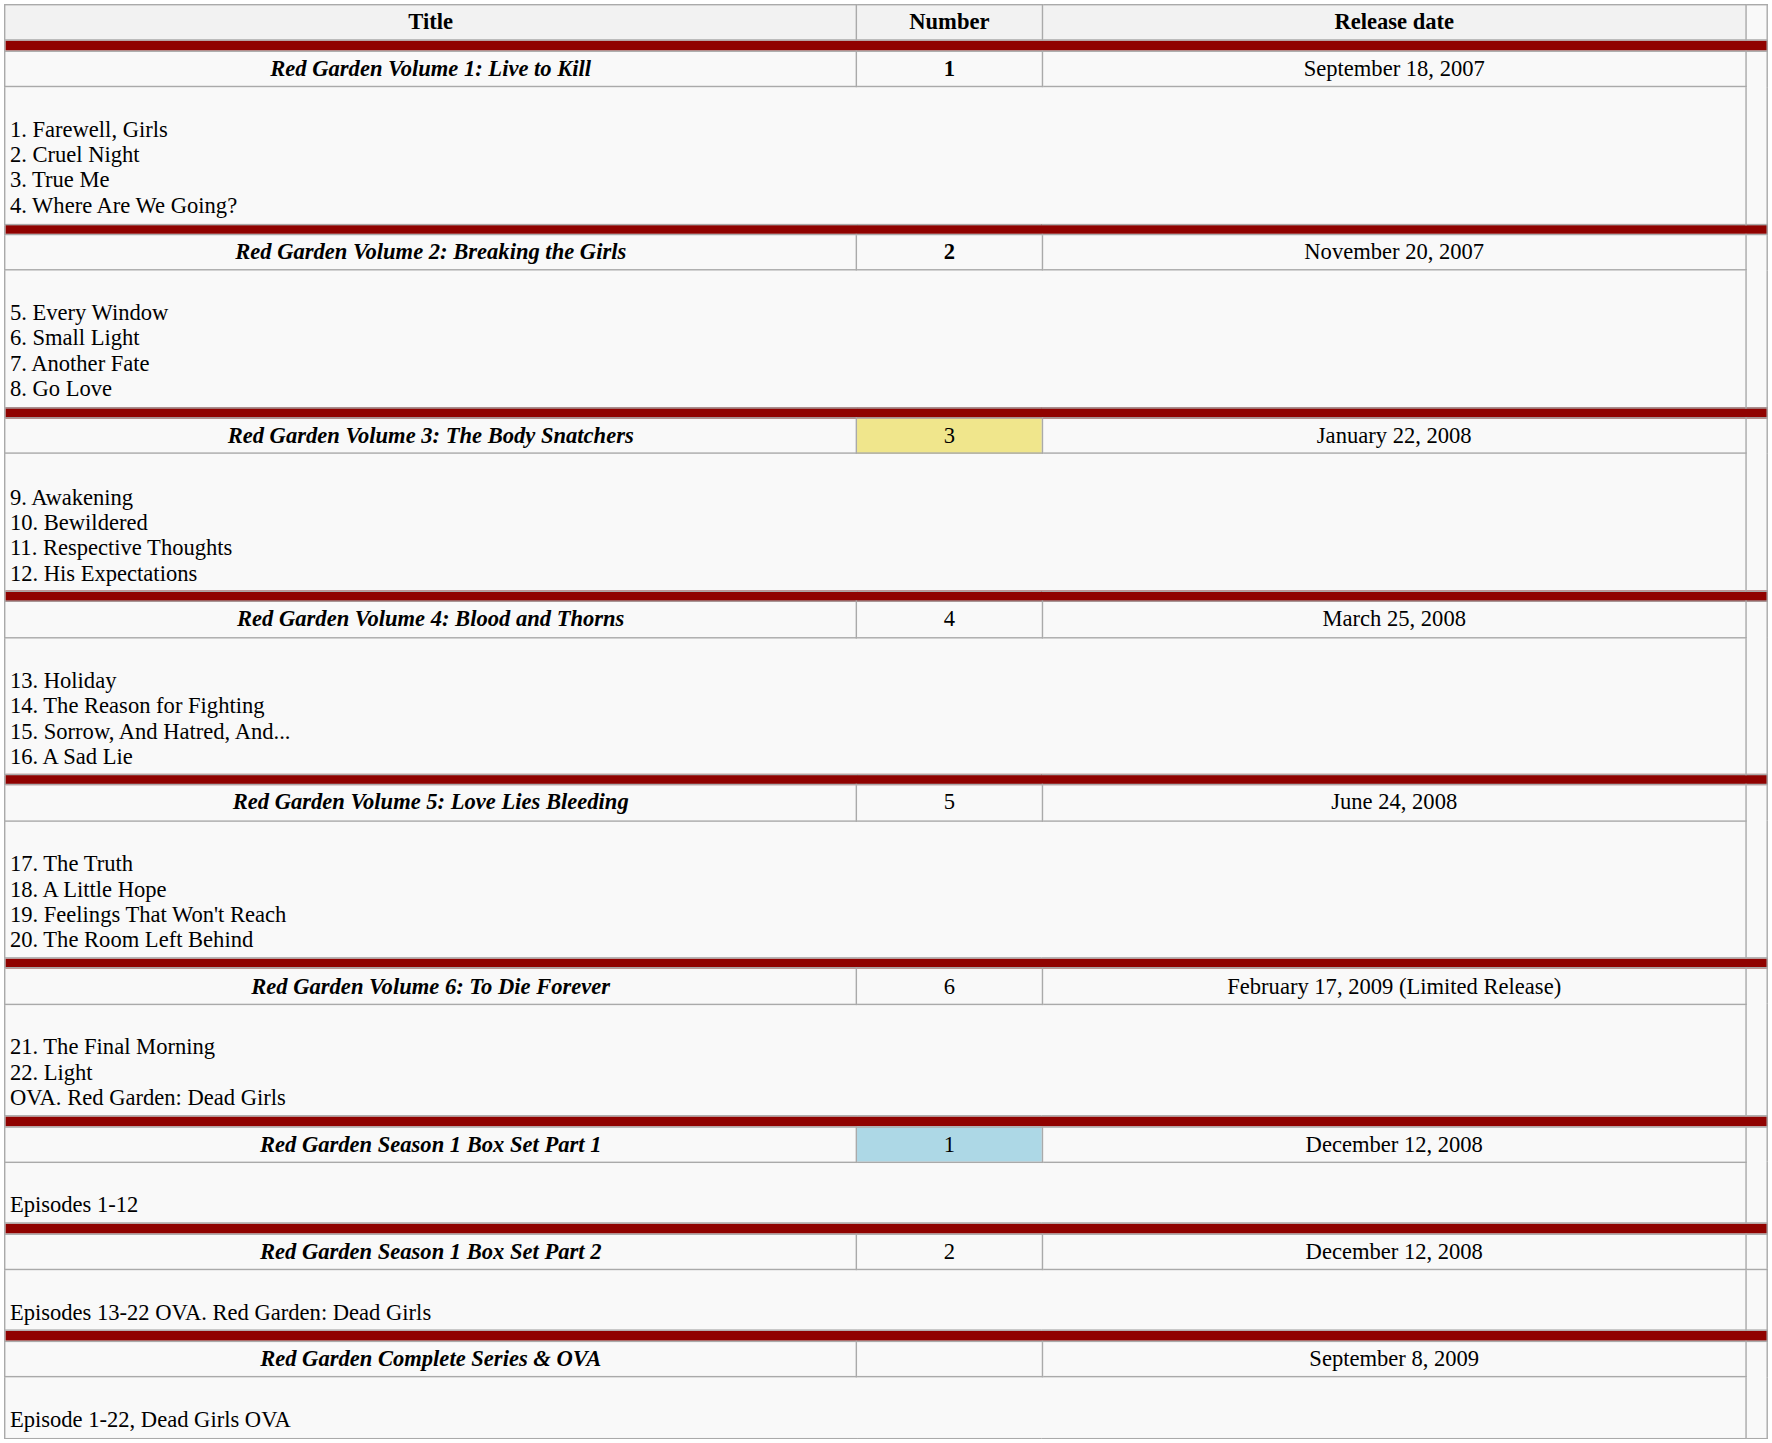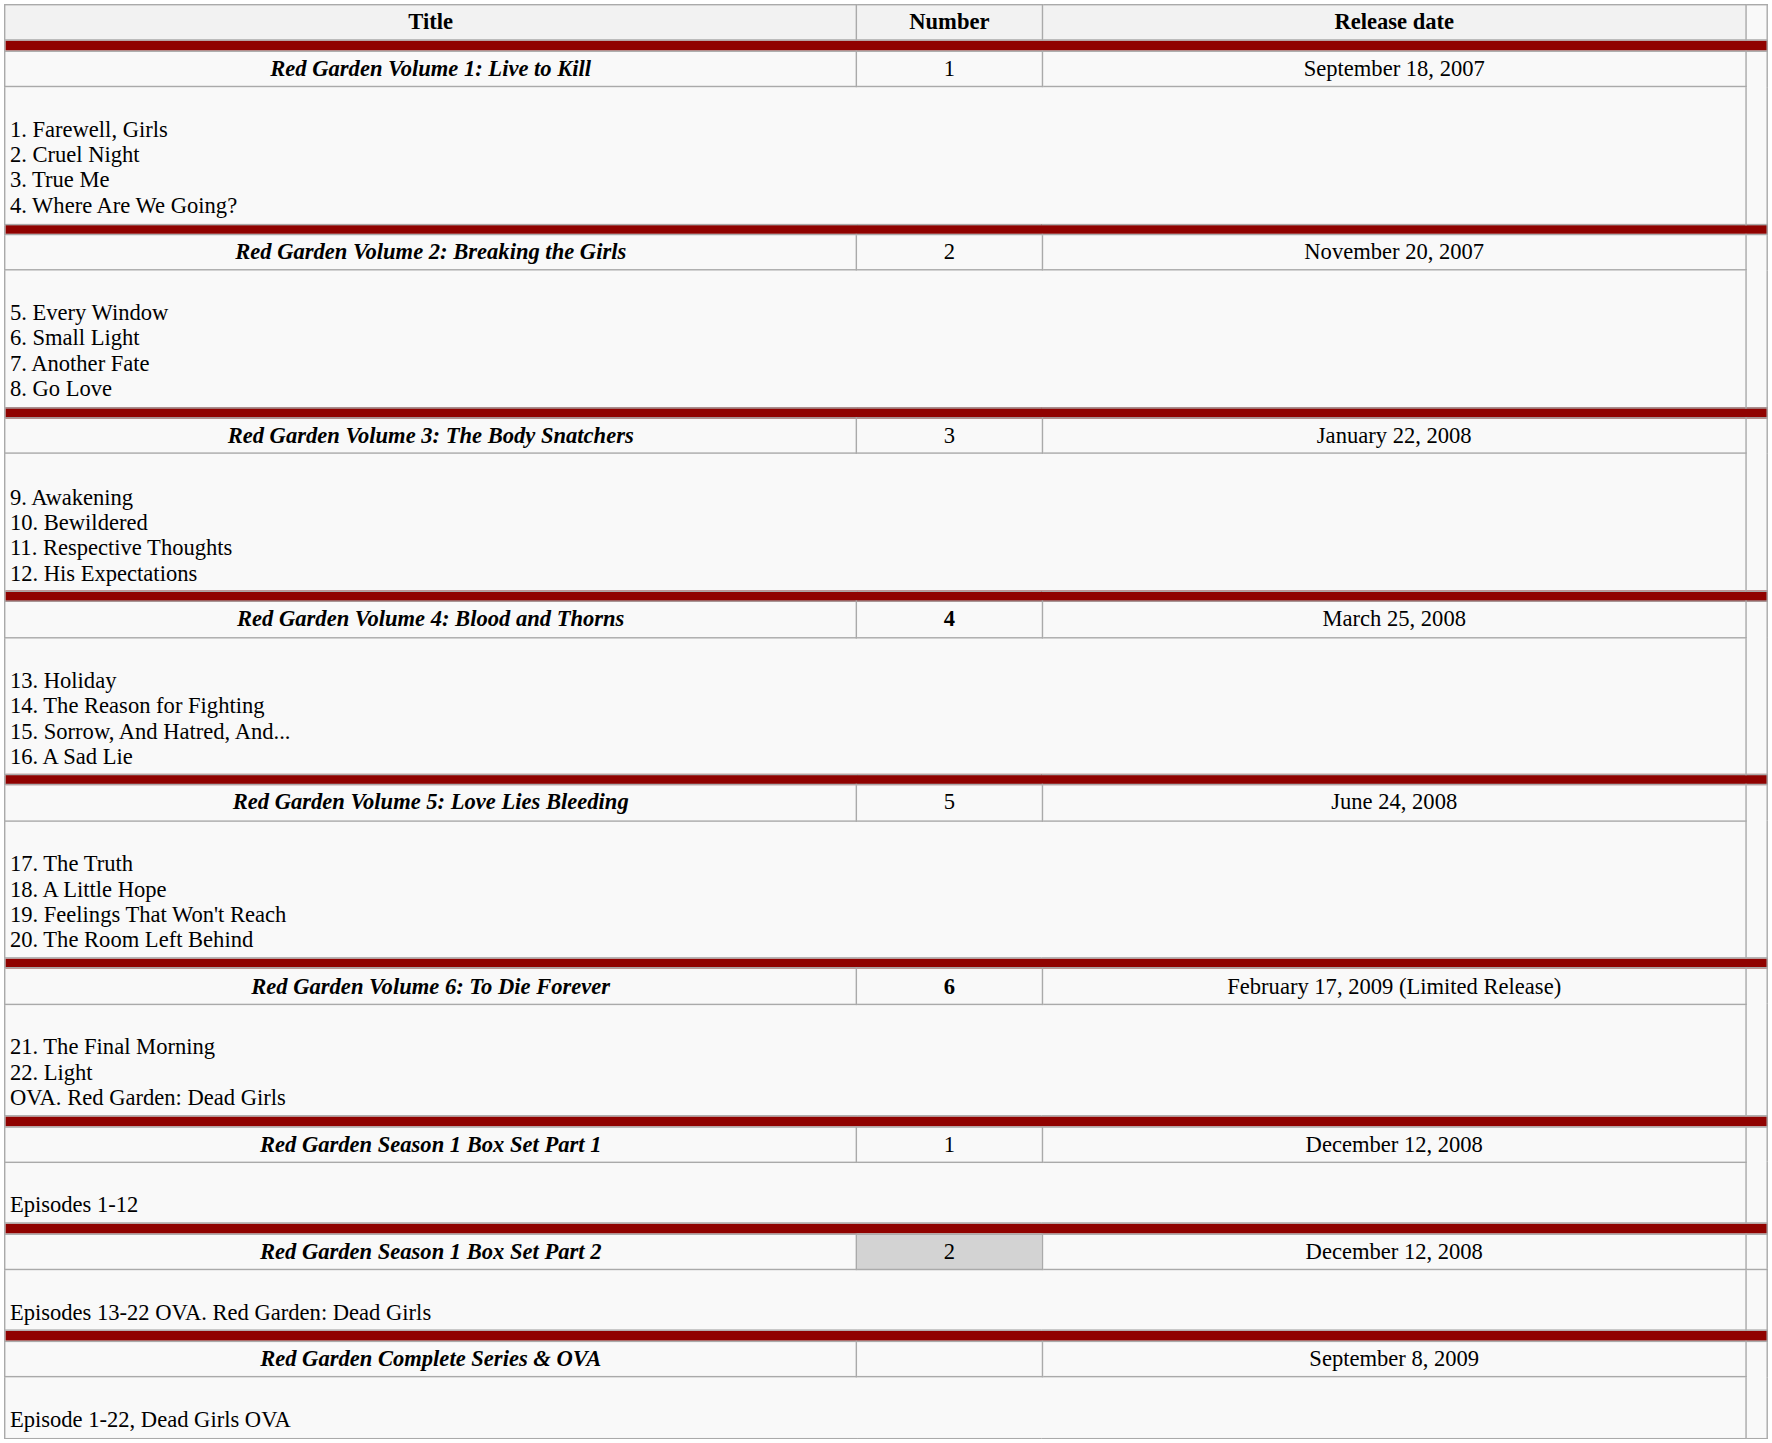 <table class="wikitable" width="99%">
 <tr style="text-align: center;">
 <th>Title</th>
 <th>Number</th>
 <th>Release date</th>
 </tr>
 <tr>
 <td colspan="4" bgcolor="#900200"></td>
 </tr>
 <tr style="text-align: center;">
 <td><strong><em>Red Garden Volume 1: Live to Kill</em></strong></td>
-<td><strong>1</strong></td>
+<td>1</td>
 <td>September 18, 2007</td>
 </tr>
 <tr>
 <td colspan="3"><br>1. Farewell, Girls<br> 2. Cruel Night<br> 3. True Me<br> 4. Where Are We Going?</td>
 </tr>
 <tr>
 <td colspan="4" bgcolor="#900200"></td>
 </tr>
 <tr style="text-align: center;">
 <td><strong><em>Red Garden Volume 2: Breaking the Girls</em></strong></td>
-<td><strong>2</strong></td>
+<td>2</td>
 <td>November 20, 2007</td>
 </tr>
 <tr>
 <td colspan="3"><br>5. Every Window<br> 6. Small Light<br> 7. Another Fate<br> 8. Go Love</td>
 </tr>
 <tr>
 <td colspan="4" bgcolor="#900200"></td>
 </tr>
 <tr style="text-align: center;">
 <td><strong><em>Red Garden Volume 3: The Body Snatchers</em></strong></td>
-<td style="background: khaki;">3</td>
+<td>3</td>
 <td>January 22, 2008</td>
 </tr>
 <tr>
 <td colspan="3"><br>9. Awakening<br> 10. Bewildered<br> 11. Respective Thoughts<br> 12. His Expectations</td>
 </tr>
 <tr>
 <td colspan="4" bgcolor="#900200"></td>
 </tr>
 <tr style="text-align: center;">
 <td><strong><em>Red Garden Volume 4: Blood and Thorns</em></strong></td>
-<td>4</td>
+<td><strong>4</strong></td>
 <td>March 25, 2008</td>
 </tr>
 <tr>
 <td colspan="3"><br>13. Holiday<br> 14. The Reason for Fighting<br> 15. Sorrow, And Hatred, And...<br> 16. A Sad Lie</td>
 </tr>
 <tr>
 <td colspan="4" bgcolor="#900200"></td>
 </tr>
 <tr style="text-align: center;">
 <td><strong><em>Red Garden Volume 5: Love Lies Bleeding</em></strong></td>
 <td>5</td>
 <td>June 24, 2008</td>
 </tr>
 <tr>
 <td colspan="3"><br>17. The Truth<br> 18. A Little Hope<br> 19. Feelings That Won't Reach<br> 20. The Room Left Behind</td>
 </tr>
 <tr>
 <td colspan="4" bgcolor="#900200"></td>
 </tr>
 <tr style="text-align: center;">
 <td><strong><em>Red Garden Volume 6: To Die Forever</em></strong></td>
-<td>6</td>
+<td><strong>6</strong></td>
 <td>February 17, 2009 (Limited Release)</td>
 </tr>
 <tr>
 <td colspan="3"><br>21. The Final Morning<br> 22. Light <br> OVA. Red Garden: Dead Girls</td>
 </tr>
 <tr>
 <td colspan="4" bgcolor="#900200"></td>
 </tr>
 <tr style="text-align: center;">
 <td><strong><em>Red Garden Season 1 Box Set Part 1</em></strong></td>
-<td style="background: lightblue;">1</td>
+<td>1</td>
 <td>December 12, 2008</td>
 </tr>
 <tr>
 <td colspan="3"><br>Episodes 1-12</td>
 </tr>
 <tr>
 <td colspan="4" bgcolor="#900200"></td>
 </tr>
 <tr style="text-align: center;">
 <td><strong><em>Red Garden Season 1 Box Set Part 2</em></strong></td>
-<td>2</td>
+<td style="background: lightgrey;">2</td>
 <td>December 12, 2008</td>
 </tr>
 <tr>
 <td colspan="3"><br>Episodes 13-22 OVA. Red Garden: Dead Girls</td>
 <td></td>
 </tr>
 <tr>
 <td colspan="4" bgcolor="#900200"></td>
 </tr>
 <tr style="text-align: center;">
 <td><strong><em>Red Garden Complete Series & OVA</em></strong></td>
 <td></td>
 <td>September 8, 2009</td>
 </tr>
 <tr>
 <td colspan="3"><br>Episode 1-22, Dead Girls OVA</td>
 </tr>
 </table>
